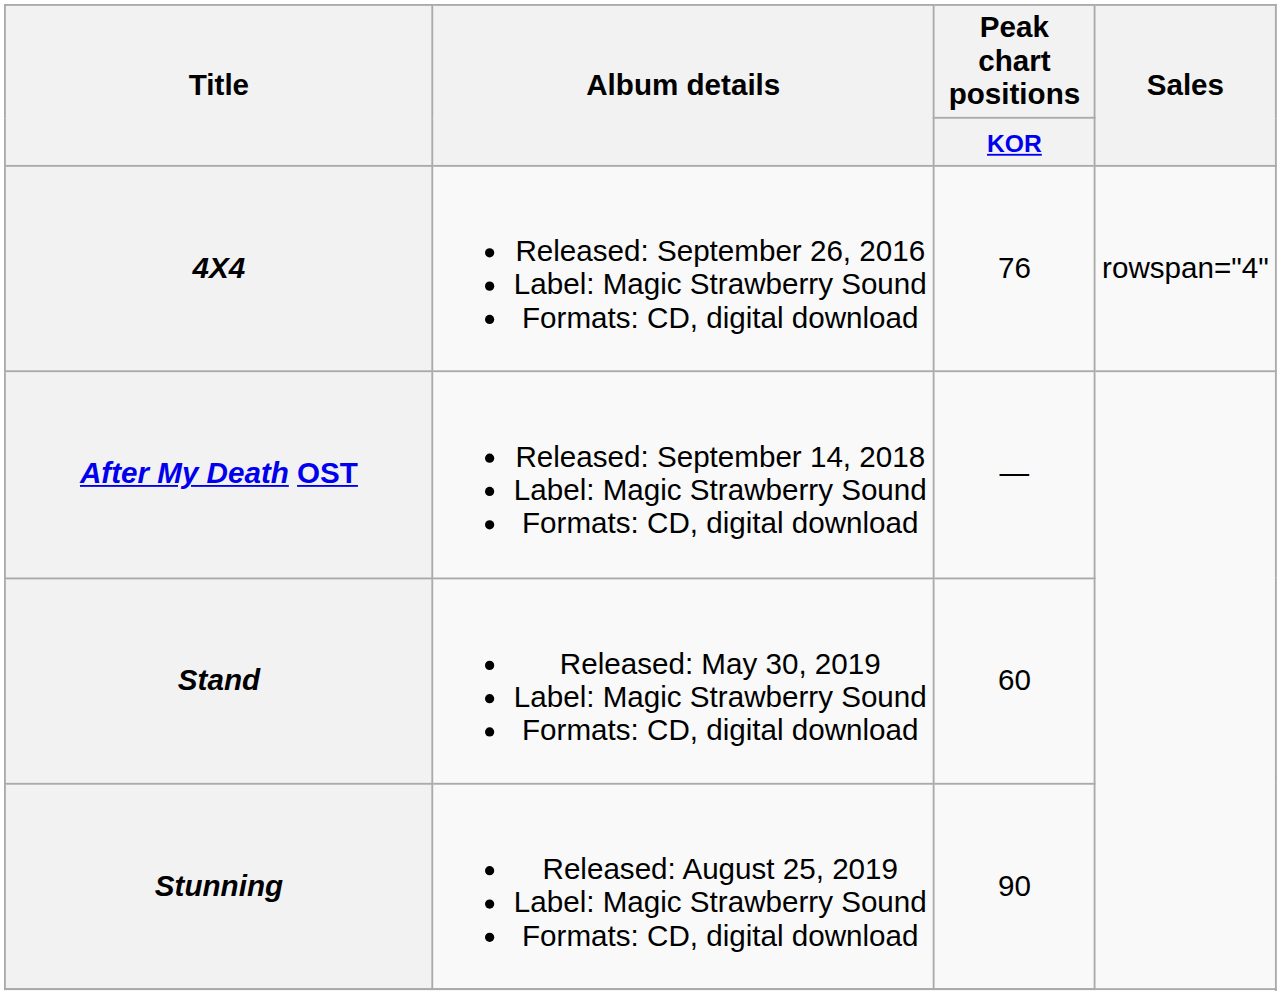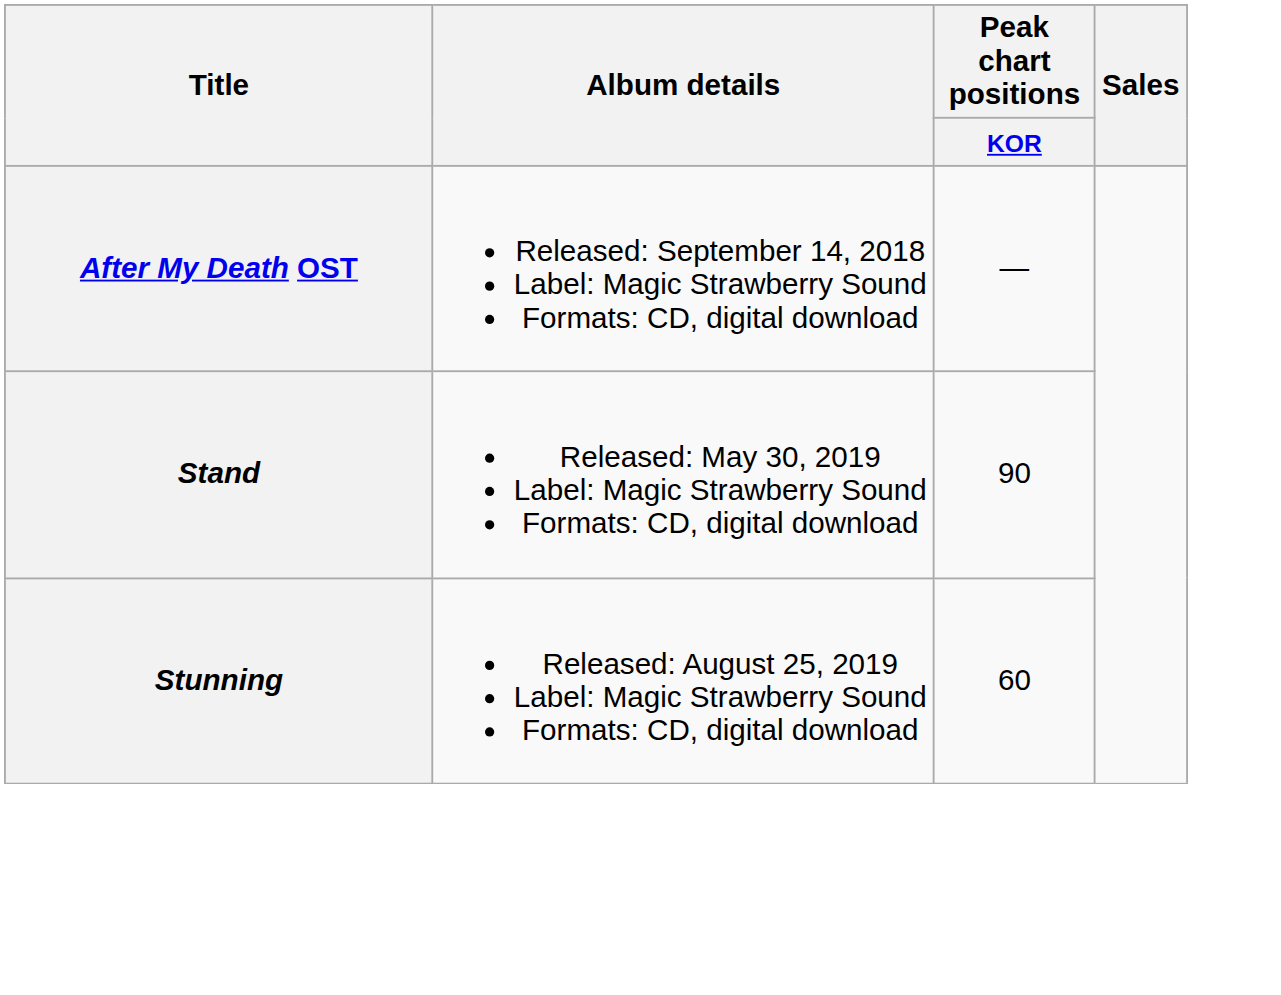 <table class="wikitable plainrowheaders" style="text-align:center;">
 <tr>
 <th scope="col" rowspan="2" style="width:14em;">Title</th>
 <th scope="col" rowspan="2">Album details</th>
 <th scope="col" colspan="1" style="width:5em;">Peak chart positions</th>
 <th scope="col" rowspan="2">Sales</th>
 </tr>
 <tr>
 <th><small><a href='#'>KOR</a></small><br></th>
 </tr>
 <tr>
-<th scope="row"><em>4X4</em></th>
-<td><br><ul><li>Released: September 26, 2016</li><li>Label: Magic Strawberry Sound</li><li>Formats: CD, digital download</li></ul></td>
-<td>76</td>
-<td>rowspan="4" </td>
-</tr>
-<tr>
 <th scope="row"><em><a href='#'>After My Death</a></em> <a href='#'>OST</a><br></th>
 <td><br><ul><li>Released: September 14, 2018</li><li>Label: Magic Strawberry Sound</li><li>Formats: CD, digital download</li></ul></td>
 <td>—</td>
 </tr>
 <tr>
 <th scope="row"><em>Stand</em></th>
 <td><br><ul><li>Released: May 30, 2019</li><li>Label: Magic Strawberry Sound</li><li>Formats: CD, digital download</li></ul></td>
-<td>60</td>
+<td>90</td>
 </tr>
 <tr>
 <th scope="row"><em>Stunning</em></th>
 <td><br><ul><li>Released: August 25, 2019</li><li>Label: Magic Strawberry Sound</li><li>Formats: CD, digital download</li></ul></td>
-<td>90</td>
+<td>60</td>
 </tr>
 <tr>
 </tr>
 </table>
